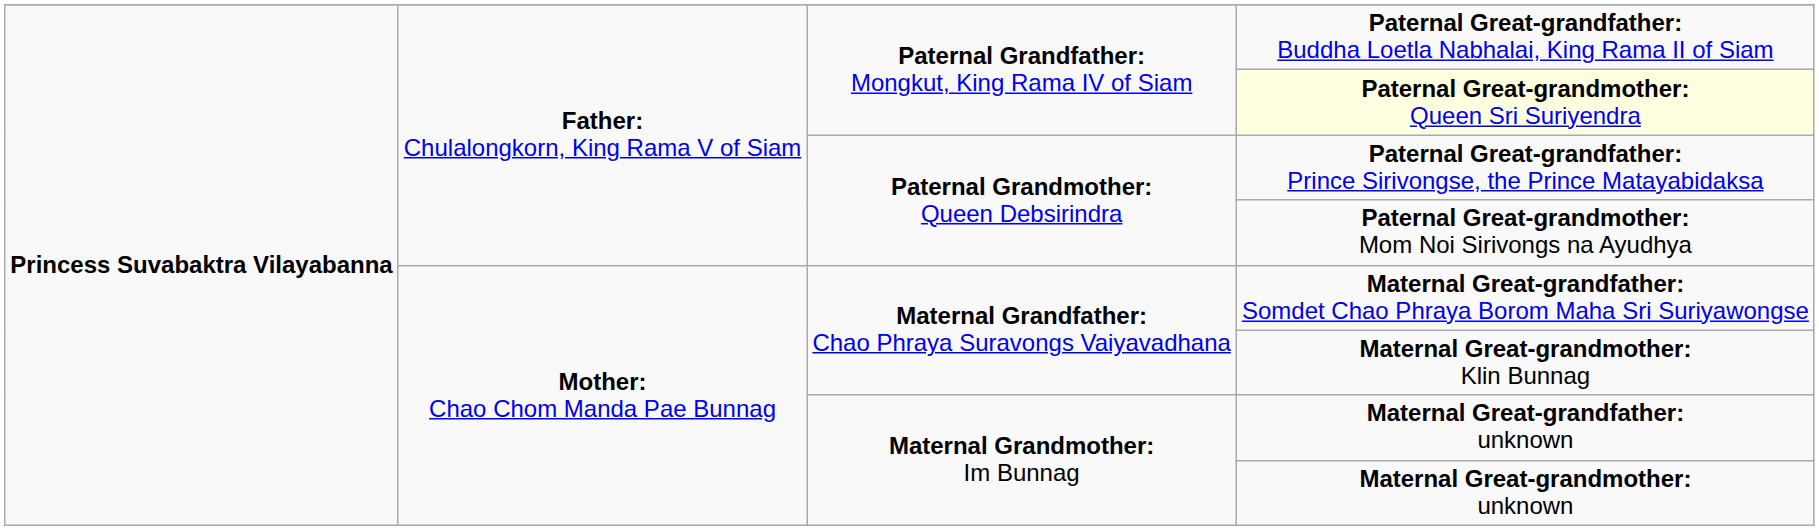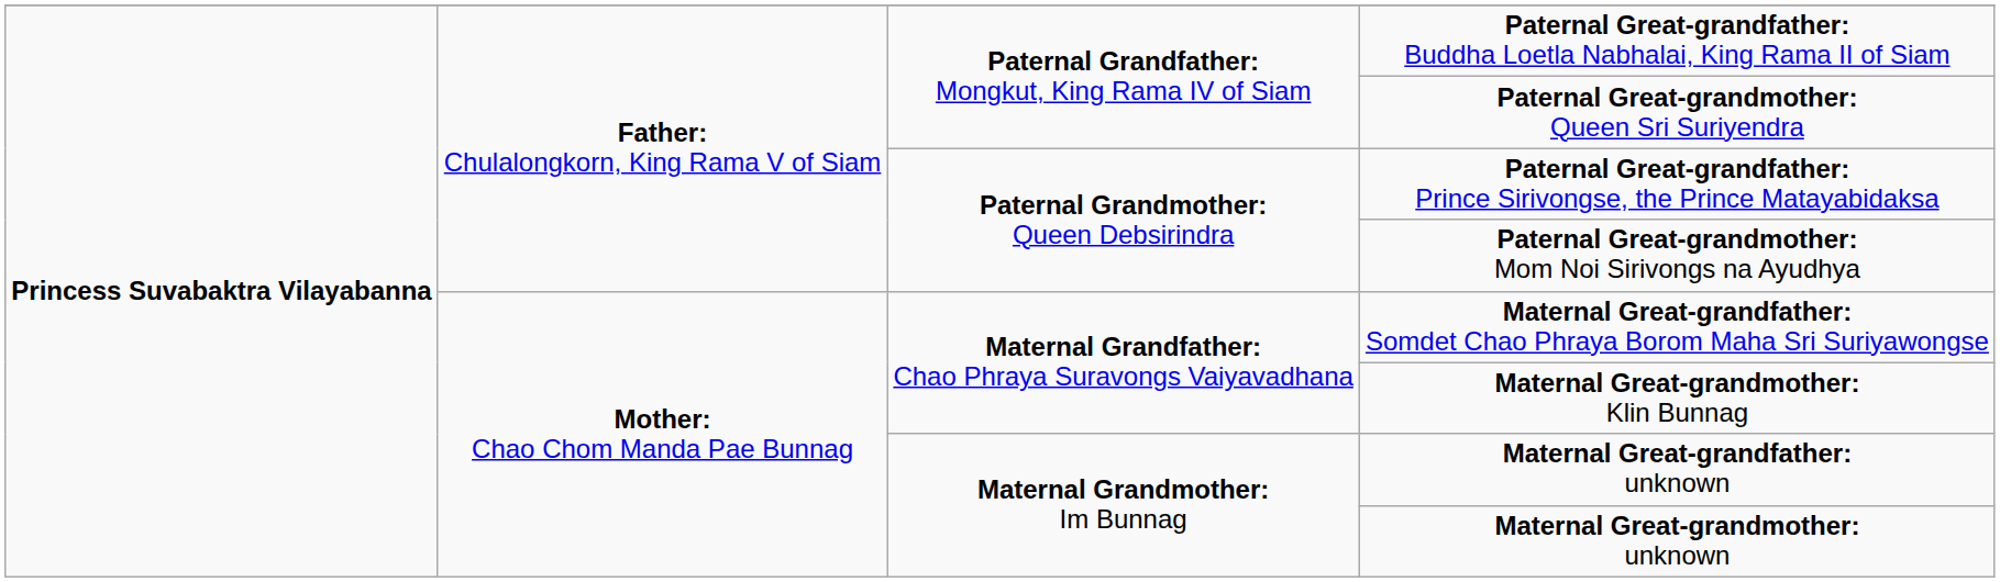 <table class="wikitable">
 <tr>
 </tr>
 <tr>
 <td rowspan="8" align="center"><strong>Princess Suvabaktra Vilayabanna</strong></td>
 <td rowspan="4" align="center"><strong>Father:</strong><br><a href='#'>Chulalongkorn, King Rama V of Siam</a></td>
 <td rowspan="2" align="center"><strong>Paternal Grandfather:</strong><br><a href='#'>Mongkut, King Rama IV of Siam</a></td>
 <td align = "center"><strong>Paternal Great-grandfather:</strong><br><a href='#'>Buddha Loetla Nabhalai, King Rama II of Siam</a></td>
 </tr>
 <tr>
-<td align = "center" style="background: lightyellow;"><strong>Paternal Great-grandmother:</strong><br><a href='#'>Queen Sri Suriyendra</a></td>
+<td align = "center"><strong>Paternal Great-grandmother:</strong><br><a href='#'>Queen Sri Suriyendra</a></td>
 </tr>
 <tr>
 <td rowspan="2" align="center"><strong>Paternal Grandmother:</strong><br><a href='#'>Queen Debsirindra</a></td>
 <td align = "center"><strong>Paternal Great-grandfather:</strong><br><a href='#'>Prince Sirivongse, the Prince Matayabidaksa</a></td>
 </tr>
 <tr>
 <td align = "center"><strong>Paternal Great-grandmother:</strong><br>Mom Noi Sirivongs na Ayudhya</td>
 </tr>
 <tr>
 <td rowspan="4" align="center"><strong>Mother:</strong><br><a href='#'>Chao Chom Manda Pae Bunnag</a></td>
 <td rowspan="2" align="center"><strong>Maternal Grandfather:</strong><br><a href='#'>Chao Phraya Suravongs Vaiyavadhana</a></td>
 <td align = "center"><strong>Maternal Great-grandfather:</strong><br><a href='#'>Somdet Chao Phraya Borom Maha Sri Suriyawongse</a></td>
 </tr>
 <tr>
 <td align = "center"><strong>Maternal Great-grandmother:</strong><br>Klin Bunnag</td>
 </tr>
 <tr>
 <td rowspan="2" align="center"><strong>Maternal Grandmother:</strong><br>Im Bunnag</td>
 <td align = "center"><strong>Maternal Great-grandfather:</strong><br>unknown</td>
 </tr>
 <tr>
 <td align = "center"><strong>Maternal Great-grandmother:</strong><br>unknown</td>
 </tr>
 </table>
